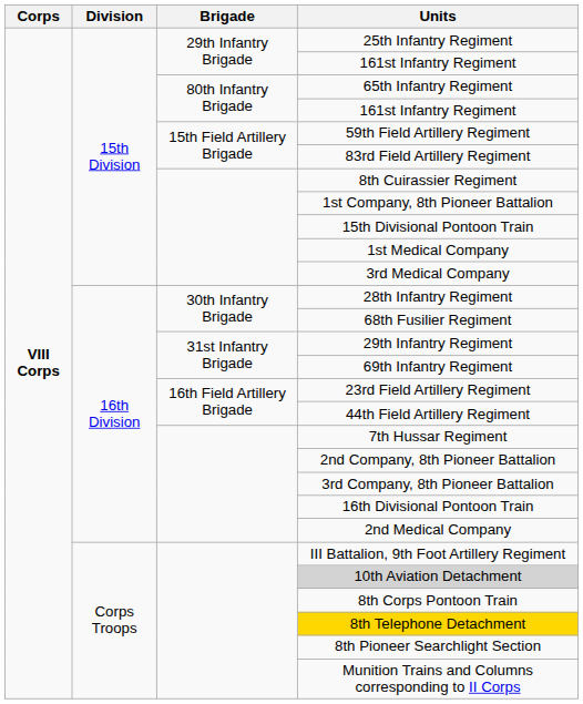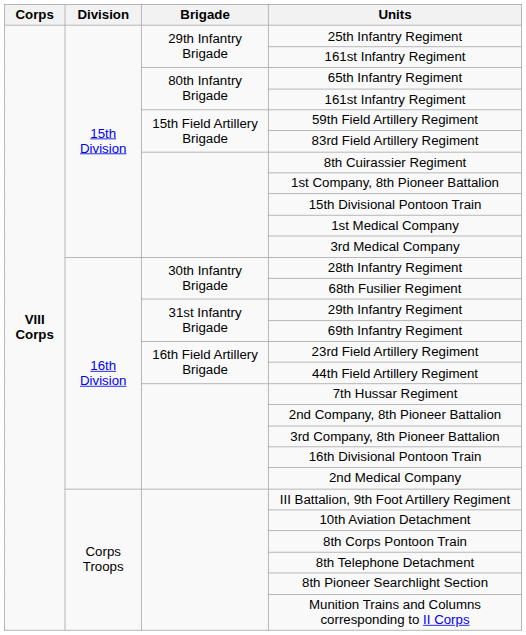 <table class="wikitable collapsible collapsed" style="text-align:center; width:100%;">
 <tr>
 <th>Corps</th>
 <th>Division</th>
 <th>Brigade</th>
 <th>Units</th>
 </tr>
 <tr>
 <td ROWSPAN=28><strong>VIII Corps</strong></td>
 <td ROWSPAN=11><a href='#'>15th Division</a></td>
 <td ROWSPAN=2>29th Infantry Brigade</td>
 <td>25th  Infantry Regiment</td>
 </tr>
 <tr>
 <td>161st Infantry Regiment</td>
 </tr>
 <tr>
 <td ROWSPAN=2>80th Infantry Brigade</td>
 <td>65th Infantry Regiment</td>
 </tr>
 <tr>
 <td>161st Infantry Regiment</td>
 </tr>
 <tr>
 <td ROWSPAN=2>15th Field Artillery Brigade</td>
 <td>59th Field Artillery Regiment</td>
 </tr>
 <tr>
 <td>83rd Field Artillery Regiment</td>
 </tr>
 <tr>
 <td ROWSPAN=5></td>
 <td>8th Cuirassier Regiment</td>
 </tr>
 <tr>
 <td>1st Company, 8th Pioneer Battalion</td>
 </tr>
 <tr>
 <td>15th Divisional Pontoon Train</td>
 </tr>
 <tr>
 <td>1st Medical Company</td>
 </tr>
 <tr>
 <td>3rd Medical Company</td>
 </tr>
 <tr>
 <td ROWSPAN=11><a href='#'>16th Division</a></td>
 <td ROWSPAN=2>30th Infantry Brigade</td>
 <td>28th Infantry Regiment</td>
 </tr>
 <tr>
 <td>68th Fusilier Regiment</td>
 </tr>
 <tr>
 <td ROWSPAN=2>31st Infantry Brigade</td>
 <td>29th Infantry Regiment</td>
 </tr>
 <tr>
 <td>69th Infantry Regiment</td>
 </tr>
 <tr>
 <td ROWSPAN=2>16th Field Artillery Brigade</td>
 <td>23rd Field Artillery Regiment</td>
 </tr>
 <tr>
 <td>44th Field Artillery Regiment</td>
 </tr>
 <tr>
 <td ROWSPAN=5></td>
 <td>7th Hussar Regiment</td>
 </tr>
 <tr>
 <td>2nd Company, 8th Pioneer Battalion</td>
 </tr>
 <tr>
 <td>3rd Company, 8th Pioneer Battalion</td>
 </tr>
 <tr>
 <td>16th Divisional Pontoon Train</td>
 </tr>
 <tr>
 <td>2nd Medical Company</td>
 </tr>
 <tr>
 <td ROWSPAN=6>Corps Troops</td>
 <td ROWSPAN=6></td>
 <td>III Battalion, 9th Foot Artillery Regiment</td>
 </tr>
 <tr>
-<td style="background: lightgrey;">10th Aviation Detachment</td>
+<td>10th Aviation Detachment</td>
 </tr>
 <tr>
 <td>8th Corps Pontoon Train</td>
 </tr>
 <tr>
-<td style="background: gold;">8th Telephone Detachment</td>
+<td>8th Telephone Detachment</td>
 </tr>
 <tr>
 <td>8th Pioneer Searchlight Section</td>
 </tr>
 <tr>
 <td>Munition Trains and Columns corresponding to <a href='#'>II Corps</a></td>
 </tr>
 </table>
